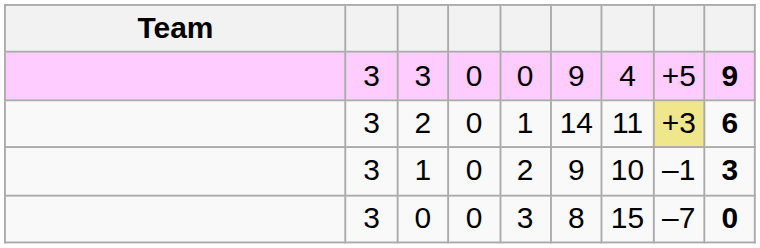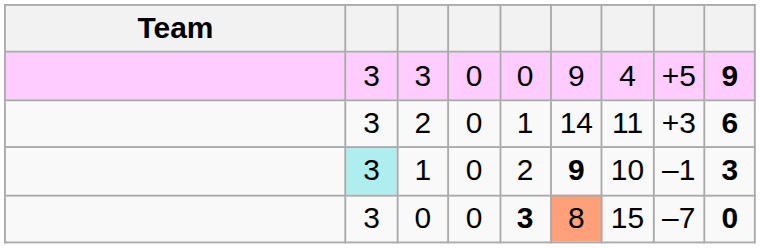 <table class="wikitable" style="text-align: center;">
 <tr>
 <th style="width:175px;">Team</th>
 <th width="20"></th>
 <th width="20"></th>
 <th width="20"></th>
 <th width="20"></th>
 <th width="20"></th>
 <th width="20"></th>
 <th width="20"></th>
 <th width="20"></th>
 </tr>
 <tr style="background:#fcf;">
 <td align=left></td>
 <td>3</td>
 <td>3</td>
 <td>0</td>
 <td>0</td>
 <td>9</td>
 <td>4</td>
 <td>+5</td>
 <td><strong>9</strong></td>
 </tr>
 <tr>
 <td align=left></td>
 <td>3</td>
 <td>2</td>
 <td>0</td>
 <td>1</td>
 <td>14</td>
 <td>11</td>
-<td style="background: khaki;">+3</td>
+<td>+3</td>
 <td><strong>6</strong></td>
 </tr>
 <tr>
 <td align=left></td>
-<td>3</td>
+<td style="background: paleturquoise;">3</td>
 <td>1</td>
 <td>0</td>
 <td>2</td>
-<td>9</td>
+<td><strong>9</strong></td>
 <td>10</td>
 <td>–1</td>
 <td><strong>3</strong></td>
 </tr>
 <tr>
 <td align=left></td>
 <td>3</td>
 <td>0</td>
 <td>0</td>
-<td>3</td>
-<td>8</td>
+<td><strong>3</strong></td>
+<td style="background: lightsalmon;">8</td>
 <td>15</td>
 <td>–7</td>
 <td><strong>0</strong></td>
 </tr>
 </table>
